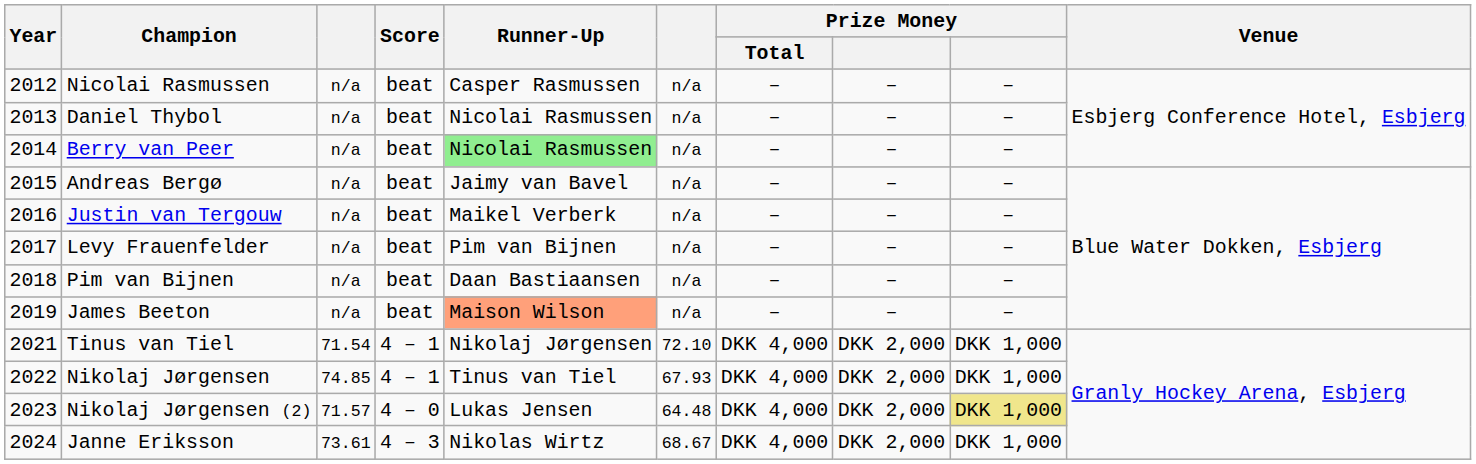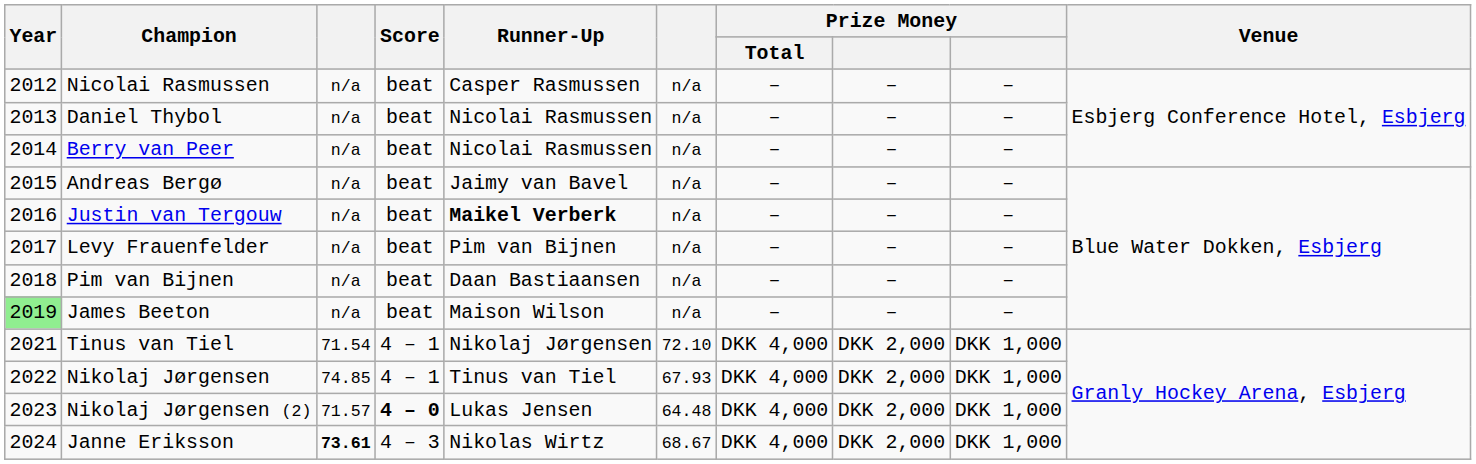 <table class="wikitable sortable">
 <tr>
 <th rowspan=2>Year</th>
 <th rowspan=2>Champion</th>
 <th rowspan=2></th>
 <th rowspan=2>Score</th>
 <th rowspan=2>Runner-Up</th>
 <th rowspan=2></th>
 <th colspan=3>Prize Money</th>
 <th rowspan=2>Venue</th>
 </tr>
 <tr>
 <th>Total</th>
 <th></th>
 <th></th>
 </tr>
 <tr>
 <td>2012</td>
 <td> Nicolai Rasmussen</td>
 <td align=center><small><span>n/a</span></small></td>
 <td align=center>beat</td>
 <td> Casper Rasmussen</td>
 <td align=center><small><span>n/a</span></small></td>
 <td align=center>–</td>
 <td align=center>–</td>
 <td align=center>–</td>
 <td rowspan=3>Esbjerg Conference Hotel, <a href='#'>Esbjerg</a></td>
 </tr>
 <tr>
 <td>2013</td>
 <td> Daniel Thybol</td>
 <td align=center><small><span>n/a</span></small></td>
 <td align=center>beat</td>
 <td> Nicolai Rasmussen</td>
 <td align=center><small><span>n/a</span></small></td>
 <td align=center>–</td>
 <td align=center>–</td>
 <td align=center>–</td>
 </tr>
 <tr>
 <td>2014</td>
 <td> <a href='#'>Berry van Peer</a></td>
 <td align=center><small><span>n/a</span></small></td>
 <td align=center>beat</td>
-<td style="background: lightgreen;"> Nicolai Rasmussen</td>
+<td> Nicolai Rasmussen</td>
 <td align=center><small><span>n/a</span></small></td>
 <td align=center>–</td>
 <td align=center>–</td>
 <td align=center>–</td>
 </tr>
 <tr>
 <td>2015</td>
 <td> Andreas Bergø</td>
 <td align=center><small><span>n/a</span></small></td>
 <td align=center>beat</td>
 <td> Jaimy van Bavel</td>
 <td align=center><small><span>n/a</span></small></td>
 <td align=center>–</td>
 <td align=center>–</td>
 <td align=center>–</td>
 <td rowspan=5>Blue Water Dokken, <a href='#'>Esbjerg</a></td>
 </tr>
 <tr>
 <td>2016</td>
 <td> <a href='#'>Justin van Tergouw</a></td>
 <td align=center><small><span>n/a</span></small></td>
 <td align=center>beat</td>
-<td> Maikel Verberk</td>
+<td><strong> Maikel Verberk</strong></td>
 <td align=center><small><span>n/a</span></small></td>
 <td align=center>–</td>
 <td align=center>–</td>
 <td align=center>–</td>
 </tr>
 <tr>
 <td>2017</td>
 <td> Levy Frauenfelder</td>
 <td align=center><small><span>n/a</span></small></td>
 <td align=center>beat</td>
 <td> Pim van Bijnen</td>
 <td align=center><small><span>n/a</span></small></td>
 <td align=center>–</td>
 <td align=center>–</td>
 <td align=center>–</td>
 </tr>
 <tr>
 <td>2018</td>
 <td> Pim van Bijnen</td>
 <td align=center><small><span>n/a</span></small></td>
 <td align=center>beat</td>
 <td> Daan Bastiaansen</td>
 <td align=center><small><span>n/a</span></small></td>
 <td align=center>–</td>
 <td align=center>–</td>
 <td align=center>–</td>
 </tr>
 <tr>
-<td>2019</td>
+<td style="background: lightgreen;">2019</td>
 <td> James Beeton</td>
 <td align=center><small><span>n/a</span></small></td>
 <td align=center>beat</td>
-<td style="background: lightsalmon;"> Maison Wilson</td>
+<td> Maison Wilson</td>
 <td align=center><small><span>n/a</span></small></td>
 <td align=center>–</td>
 <td align=center>–</td>
 <td align=center>–</td>
 </tr>
 <tr>
 <td>2021</td>
 <td> Tinus van Tiel</td>
 <td align=center><small><span>71.54</span></small></td>
 <td align=center>4 – 1</td>
 <td> Nikolaj Jørgensen</td>
 <td align=center><small><span>72.10</span></small></td>
 <td align=center>DKK 4,000</td>
 <td align=center>DKK 2,000</td>
 <td align=center>DKK 1,000</td>
 <td rowspan=4><a href='#'>Granly Hockey Arena</a>, <a href='#'>Esbjerg</a></td>
 </tr>
 <tr>
 <td>2022</td>
 <td> Nikolaj Jørgensen</td>
 <td align=center><small><span>74.85</span></small></td>
 <td align=center>4 – 1</td>
 <td> Tinus van Tiel</td>
 <td align=center><small><span>67.93</span></small></td>
 <td align=center>DKK 4,000</td>
 <td align=center>DKK 2,000</td>
 <td align=center>DKK 1,000</td>
 </tr>
 <tr>
 <td>2023</td>
 <td> Nikolaj Jørgensen <small>(2)</small></td>
 <td align=center><small><span>71.57</span></small></td>
-<td align=center>4 – 0</td>
+<td align=center><strong>4 – 0</strong></td>
 <td> Lukas Jensen</td>
 <td align=center><small><span>64.48</span></small></td>
 <td align=center>DKK 4,000</td>
 <td align=center>DKK 2,000</td>
-<td align=center style="background: khaki;">DKK 1,000</td>
+<td align=center>DKK 1,000</td>
 </tr>
 <tr>
 <td>2024</td>
 <td> Janne Eriksson</td>
-<td align=center><small><span>73.61</span></small></td>
+<td align=center><strong><small><span>73.61</span></small></strong></td>
 <td align=center>4 – 3</td>
 <td> Nikolas Wirtz</td>
 <td align=center><small><span>68.67</span></small></td>
 <td align=center>DKK 4,000</td>
 <td align=center>DKK 2,000</td>
 <td align=center>DKK 1,000</td>
 </tr>
 </table>
